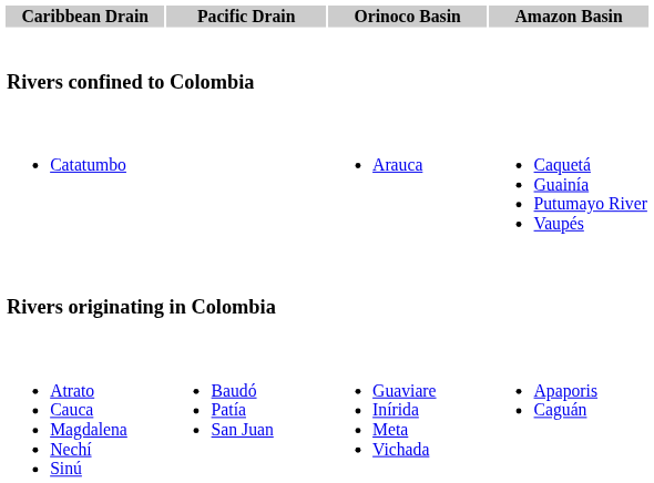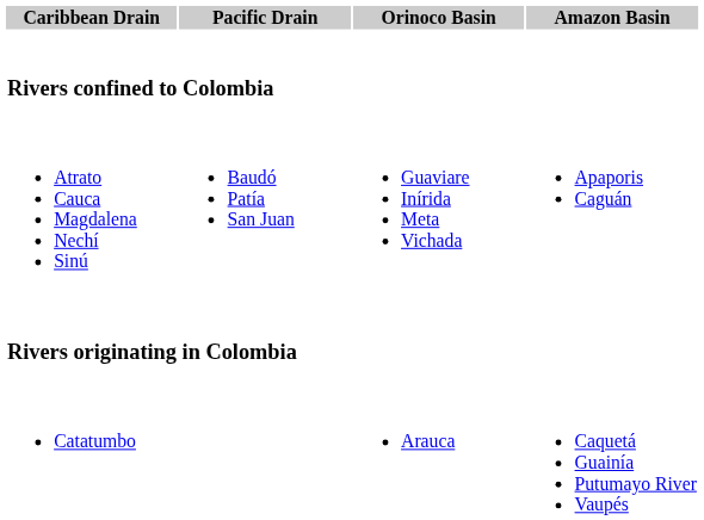 <table>
 <tr bgcolor="cccccc">
 <th width="25%">Caribbean Drain</th>
 <th width="25%">Pacific Drain</th>
 <th width="25%">Orinoco Basin</th>
 <th width="25%">Amazon Basin</th>
 </tr>
 <tr>
 <th colspan="4" align="left"><br><h3>Rivers confined to Colombia</h3></th>
 </tr>
 <tr>
+<td valign="top"><br><ul><li><a href='#'>Atrato</a></li><li><a href='#'>Cauca</a></li><li><a href='#'>Magdalena</a></li><li><a href='#'>Nechí</a></li><li><a href='#'>Sinú</a></li></ul></td>
+<td valign="top"><br><ul><li><a href='#'>Baudó</a></li><li><a href='#'>Patía</a></li><li><a href='#'>San Juan</a></li></ul></td>
+<td valign="top"><br><ul><li><a href='#'>Guaviare</a></li><li><a href='#'>Inírida</a></li><li><a href='#'>Meta</a></li><li><a href='#'>Vichada</a></li></ul></td>
+<td valign="top"><br><ul><li><a href='#'>Apaporis</a></li><li><a href='#'>Caguán</a></li></ul></td>
+</tr>
+<tr>
+<th colspan="4" align="left"><br><h3>Rivers originating in Colombia</h3></th>
+</tr>
+<tr>
 <td valign="top"><br><ul><li><a href='#'>Catatumbo</a></li></ul></td>
 <td valign="top"></td>
 <td valign="top"><br><ul><li><a href='#'>Arauca</a></li></ul></td>
 <td valign="top"><br><ul><li><a href='#'>Caquetá</a></li><li><a href='#'>Guainía</a></li><li><a href='#'>Putumayo River</a></li><li><a href='#'>Vaupés</a></li></ul></td>
 </tr>
-<tr>
-<th colspan="4" align="left"><br><h3>Rivers originating in Colombia</h3></th>
-</tr>
-<tr>
-<td valign="top"><br><ul><li><a href='#'>Atrato</a></li><li><a href='#'>Cauca</a></li><li><a href='#'>Magdalena</a></li><li><a href='#'>Nechí</a></li><li><a href='#'>Sinú</a></li></ul></td>
-<td valign="top"><br><ul><li><a href='#'>Baudó</a></li><li><a href='#'>Patía</a></li><li><a href='#'>San Juan</a></li></ul></td>
-<td valign="top"><br><ul><li><a href='#'>Guaviare</a></li><li><a href='#'>Inírida</a></li><li><a href='#'>Meta</a></li><li><a href='#'>Vichada</a></li></ul></td>
-<td valign="top"><br><ul><li><a href='#'>Apaporis</a></li><li><a href='#'>Caguán</a></li></ul></td>
-</tr>
 </table>
